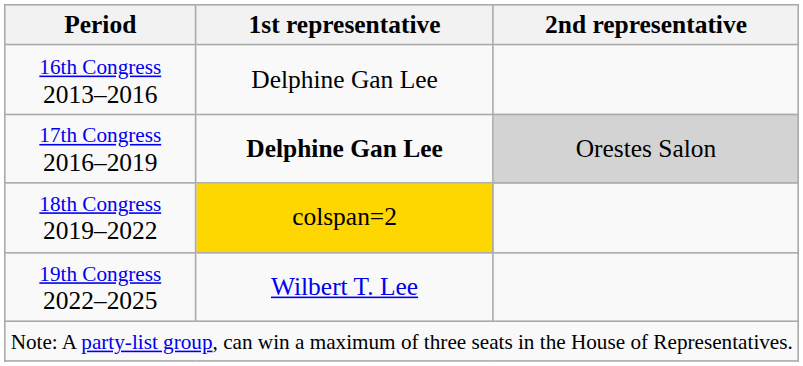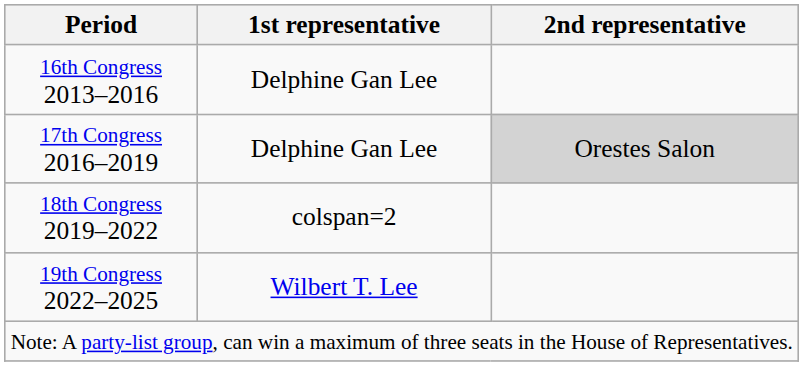 <table class="wikitable"; style="text-align:center">
 <tr>
 <th>Period</th>
 <th>1st representative</th>
 <th>2nd representative</th>
 </tr>
 <tr>
 <td><small><a href='#'>16th Congress</a></small><br>2013–2016</td>
 <td>Delphine Gan Lee</td>
 <td></td>
 </tr>
 <tr>
 <td><small><a href='#'>17th Congress</a></small><br>2016–2019</td>
-<td><strong>Delphine Gan Lee</strong></td>
+<td>Delphine Gan Lee</td>
 <td style="background: lightgrey;">Orestes Salon</td>
 </tr>
 <tr>
 <td><small><a href='#'>18th Congress</a></small><br>2019–2022</td>
-<td style="background: gold;">colspan=2 </td>
+<td>colspan=2 </td>
 </tr>
 <tr>
 <td><small><a href='#'>19th Congress</a></small><br>2022–2025</td>
 <td><a href='#'>Wilbert T. Lee</a></td>
 <td></td>
 </tr>
 <tr>
 <td colspan=3><small>Note: A <a href='#'>party-list group</a>, can win a maximum of three seats in the House of Representatives.</small></td>
 </tr>
 </table>
